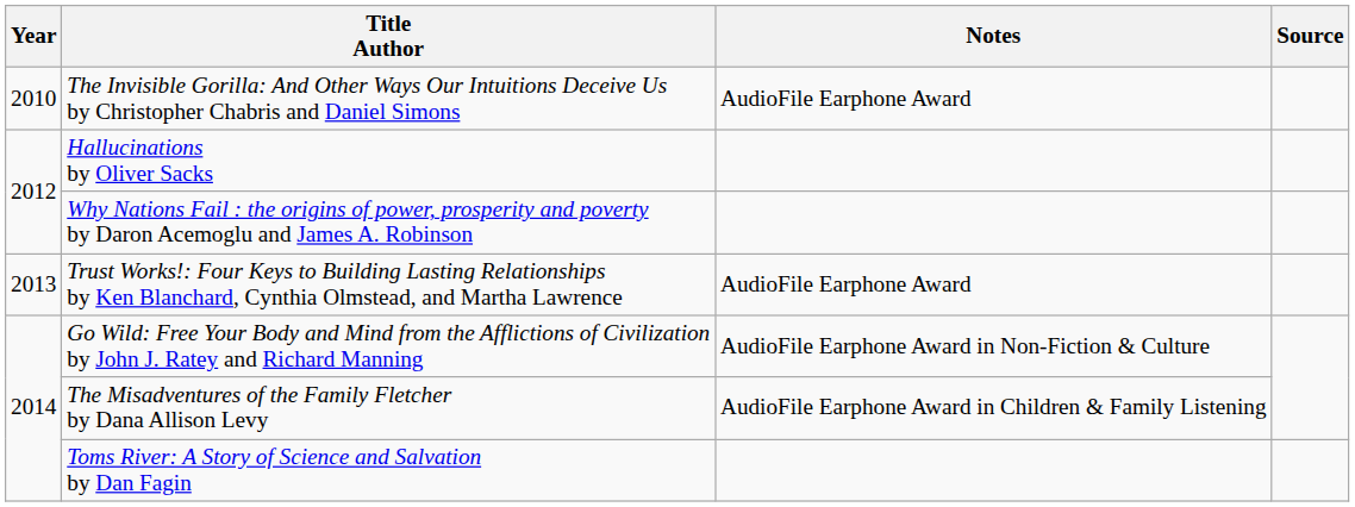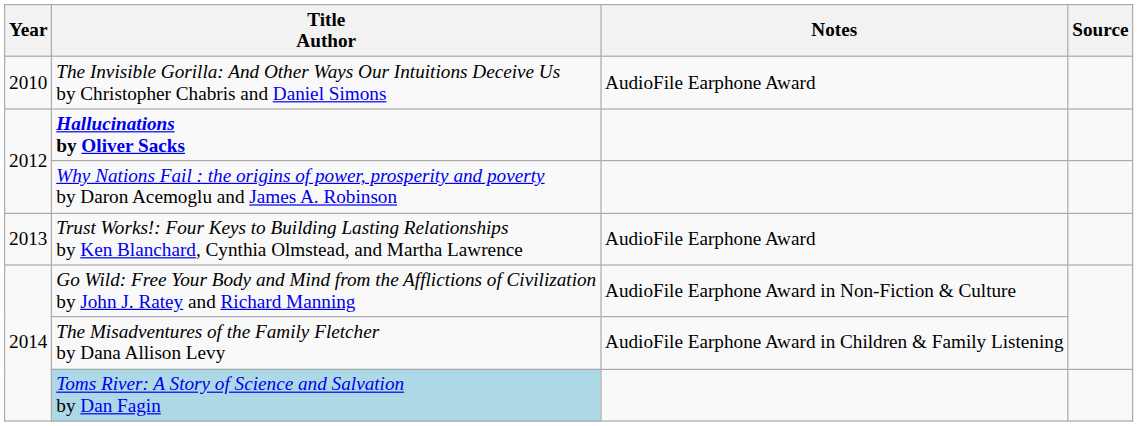 <table class="wikitable sortable plainrowheaders">
 <tr>
 <th>Year</th>
 <th>Title<br>Author</th>
 <th class="unsortable">Notes</th>
 <th class="unsortable">Source</th>
 </tr>
 <tr>
 <td>2010</td>
 <td><em>The Invisible Gorilla: And Other Ways Our Intuitions Deceive Us</em><br>by Christopher Chabris and <a href='#'>Daniel Simons</a></td>
 <td>AudioFile Earphone Award</td>
 <td></td>
 </tr>
 <tr>
 <td rowspan="2">2012</td>
-<td><em><a href='#'>Hallucinations</a></em><br>by <a href='#'>Oliver Sacks</a></td>
+<td><strong><em><a href='#'>Hallucinations</a></em><br>by <a href='#'>Oliver Sacks</a></strong></td>
 <td></td>
 <td></td>
 </tr>
 <tr>
 <td><em><a href='#'>Why Nations Fail : the origins of power, prosperity and poverty</a></em><br>by Daron Acemoglu and <a href='#'>James A. Robinson</a></td>
 <td></td>
 <td></td>
 </tr>
 <tr>
 <td>2013</td>
 <td><em>Trust Works!: Four Keys to Building Lasting Relationships</em><br>by <a href='#'>Ken Blanchard</a>, Cynthia Olmstead, and Martha Lawrence</td>
 <td>AudioFile Earphone Award</td>
 <td></td>
 </tr>
 <tr>
 <td rowspan="3">2014</td>
 <td><em>Go Wild: Free Your Body and Mind from the Afflictions of Civilization</em><br>by <a href='#'>John J. Ratey</a> and <a href='#'>Richard Manning</a></td>
 <td>AudioFile Earphone Award in Non-Fiction & Culture</td>
 <td rowspan="2"></td>
 </tr>
 <tr>
 <td><em>The Misadventures of the Family Fletcher</em><br>by Dana Allison Levy</td>
 <td>AudioFile Earphone Award in Children & Family Listening</td>
 </tr>
 <tr>
-<td><em><a href='#'>Toms River: A Story of Science and Salvation</a></em><br>by <a href='#'>Dan Fagin</a></td>
+<td style="background: lightblue;"><em><a href='#'>Toms River: A Story of Science and Salvation</a></em><br>by <a href='#'>Dan Fagin</a></td>
 <td></td>
 <td></td>
 </tr>
 </table>
